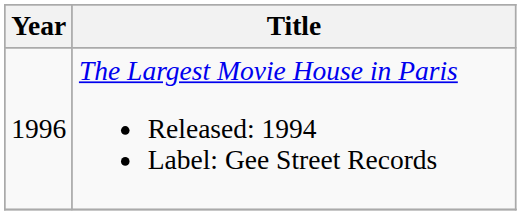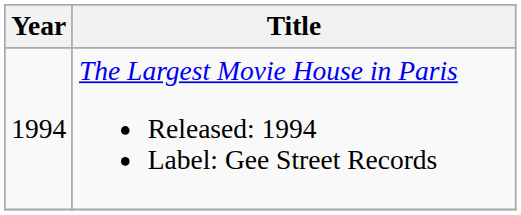 <table class="wikitable">
 <tr>
 <th rowspan="1">Year</th>
 <th rowspan="1" width="250">Title</th>
 </tr>
 <tr>
-<td rowspan="1">1996</td>
+<td rowspan="1">1994</td>
 <td><em><a href='#'>The Largest Movie House in Paris</a></em><br><ul><li>Released: 1994</li><li>Label: Gee Street Records</li></ul></td>
 </tr>
 <tr>
 </tr>
 </table>
